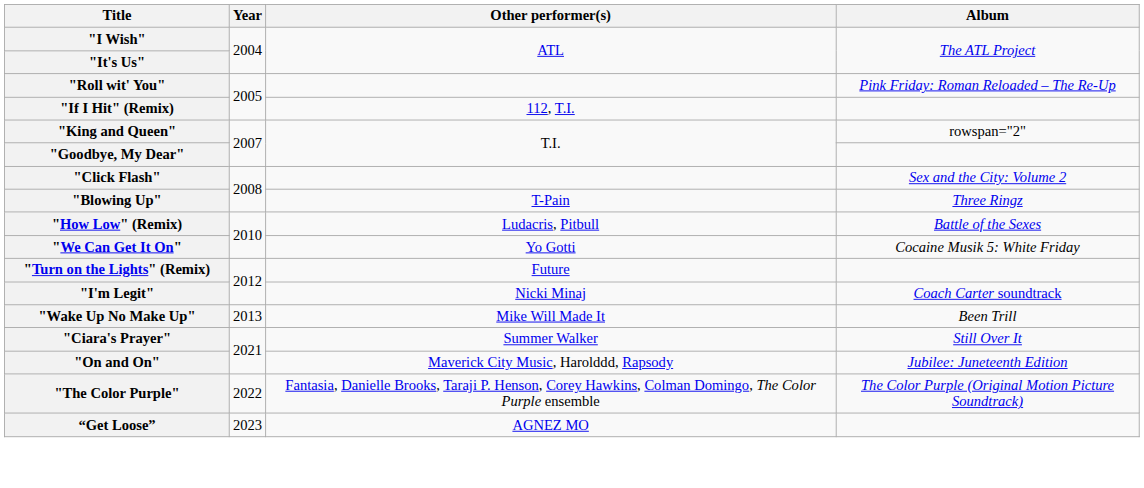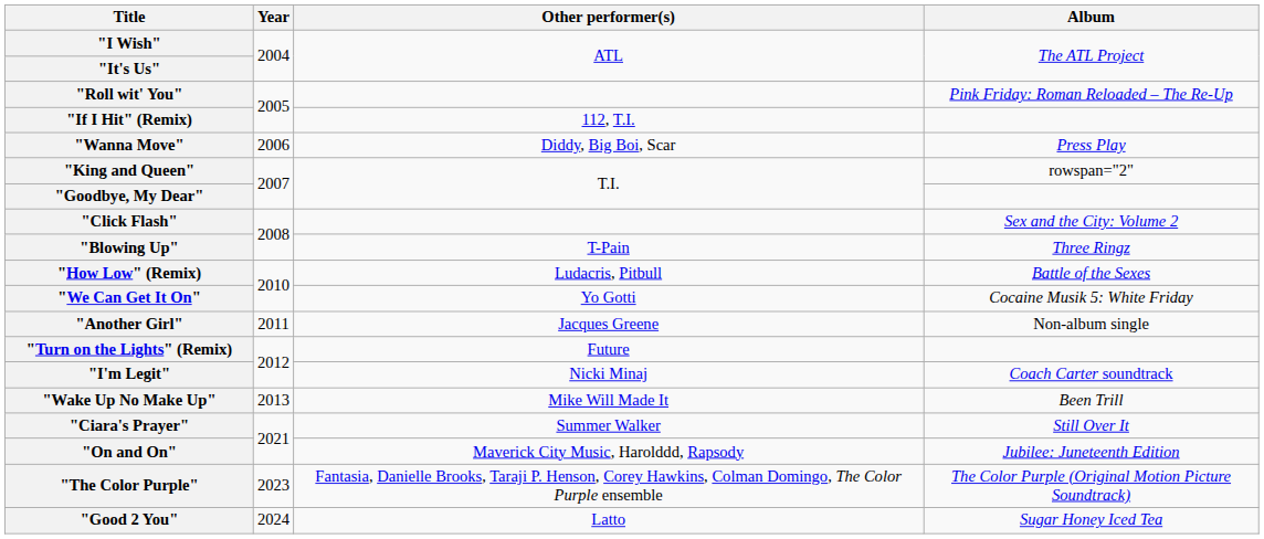 <table class="wikitable plainrowheaders" style="text-align:center;">
 <tr>
 <th scope="col" style="width:15em;">Title</th>
 <th scope="col">Year</th>
 <th scope="col">Other performer(s)</th>
 <th scope="col">Album</th>
 </tr>
 <tr>
 <th scope="row">"I Wish"</th>
 <td rowspan="2">2004</td>
 <td rowspan="2"><a href='#'>ATL</a></td>
 <td rowspan="2"><em><a href='#'>The ATL Project</a></em></td>
 </tr>
 <tr>
 <th scope="row">"It's Us"</th>
 </tr>
 <tr>
 <th scope="row">"Roll wit' You"</th>
 <td rowspan="2">2005</td>
 <td></td>
 <td><em><a href='#'>Pink Friday: Roman Reloaded – The Re-Up</a></em></td>
 </tr>
 <tr>
 <th scope="row">"If I Hit" (Remix)</th>
 <td><a href='#'>112</a>, <a href='#'>T.I.</a></td>
 <td></td>
+</tr>
+<tr>
+<th scope="row">"Wanna Move"</th>
+<td>2006</td>
+<td><a href='#'>Diddy</a>, <a href='#'>Big Boi</a>, Scar</td>
+<td><em><a href='#'>Press Play</a></em></td>
 </tr>
 <tr>
 <th scope="row">"King and Queen"</th>
 <td rowspan="2">2007</td>
 <td rowspan="2">T.I.</td>
 <td>rowspan="2" </td>
 </tr>
 <tr>
 <th scope="row">"Goodbye, My Dear"</th>
 </tr>
 <tr>
 <th scope="row">"Click Flash"</th>
 <td rowspan="2">2008</td>
 <td></td>
 <td><em><a href='#'>Sex and the City: Volume 2</a></em></td>
 </tr>
 <tr>
 <th scope="row">"Blowing Up"</th>
 <td><a href='#'>T-Pain</a></td>
 <td><em><a href='#'>Three Ringz</a></em></td>
 </tr>
 <tr>
 <th scope="row">"<a href='#'>How Low</a>" (Remix)</th>
 <td rowspan="2">2010</td>
 <td><a href='#'>Ludacris</a>, <a href='#'>Pitbull</a></td>
 <td><em><a href='#'>Battle of the Sexes</a></em></td>
 </tr>
 <tr>
 <th scope="row">"<a href='#'>We Can Get It On</a>"</th>
 <td><a href='#'>Yo Gotti</a></td>
 <td><em>Cocaine Musik 5: White Friday</em></td>
 </tr>
 <tr>
+<th scope="row">"Another Girl"</th>
+<td>2011</td>
+<td><a href='#'>Jacques Greene</a></td>
+<td>Non-album single</td>
+</tr>
+<tr>
 <th scope="row">"<a href='#'>Turn on the Lights</a>" (Remix)</th>
 <td rowspan="2">2012</td>
 <td><a href='#'>Future</a></td>
 <td></td>
 </tr>
 <tr>
 <th scope="row">"I'm Legit"</th>
 <td><a href='#'>Nicki Minaj</a></td>
 <td><a href='#'><em>Coach Carter</em> soundtrack</a></td>
 </tr>
 <tr>
 <th scope="row">"Wake Up No Make Up"</th>
 <td>2013</td>
 <td><a href='#'>Mike Will Made It</a></td>
 <td><em>Been Trill</em></td>
 </tr>
 <tr>
 <th scope="row">"Ciara's Prayer"</th>
 <td rowspan="2">2021</td>
 <td><a href='#'>Summer Walker</a></td>
 <td><em><a href='#'>Still Over It</a></em></td>
 </tr>
 <tr>
 <th scope="row">"On and On"</th>
 <td><a href='#'>Maverick City Music</a>, Harolddd, <a href='#'>Rapsody</a></td>
 <td><em><a href='#'>Jubilee: Juneteenth Edition</a></em></td>
 </tr>
 <tr>
 <th scope="row">"The Color Purple"</th>
-<td>2022</td>
+<td>2023</td>
 <td><a href='#'>Fantasia</a>, <a href='#'>Danielle Brooks</a>, <a href='#'>Taraji P. Henson</a>, <a href='#'>Corey Hawkins</a>, <a href='#'>Colman Domingo</a>, <em>The Color Purple</em> ensemble</td>
 <td><em><a href='#'>The Color Purple (Original Motion Picture Soundtrack)</a></em></td>
 </tr>
 <tr>
-<th scope="row">“Get Loose”</th>
-<td>2023</td>
-<td><a href='#'>AGNEZ MO</a></td>
-<td></td>
+<th scope="row">"Good 2 You"</th>
+<td>2024</td>
+<td><a href='#'>Latto</a></td>
+<td><em><a href='#'>Sugar Honey Iced Tea</a></em></td>
 </tr>
 </table>
